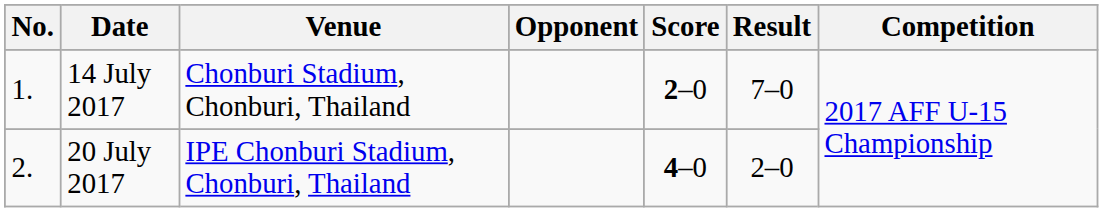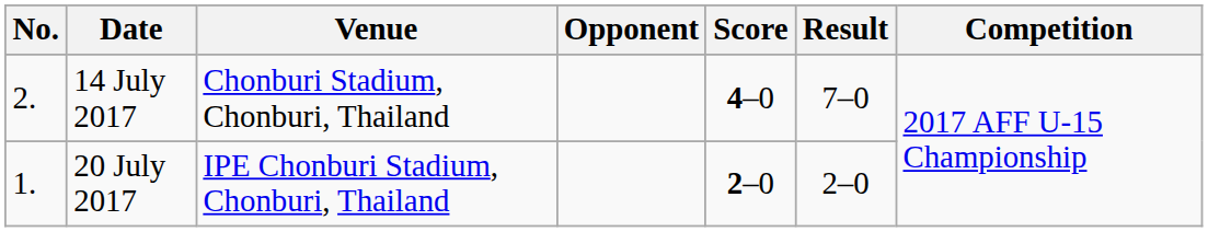 <table class="wikitable">
 <tr>
 <th>No.</th>
 <th>Date</th>
 <th>Venue</th>
 <th>Opponent</th>
 <th>Score</th>
 <th>Result</th>
 <th>Competition</th>
 </tr>
 <tr>
-<td>1.</td>
+<td>2.</td>
 <td>14 July 2017</td>
 <td><a href='#'>Chonburi Stadium</a>, Chonburi, Thailand</td>
 <td></td>
-<td align=center><strong>2</strong>–0</td>
+<td align=center><strong>4</strong>–0</td>
 <td align=center>7–0</td>
 <td rowspan=2><a href='#'>2017 AFF U-15 Championship</a></td>
 </tr>
 <tr>
-<td>2.</td>
+<td>1.</td>
 <td>20 July 2017</td>
 <td><a href='#'>IPE Chonburi Stadium</a>, <a href='#'>Chonburi</a>, <a href='#'>Thailand</a></td>
 <td></td>
-<td align=center><strong>4</strong>–0</td>
+<td align=center><strong>2</strong>–0</td>
 <td align=center>2–0</td>
 </tr>
 </table>
